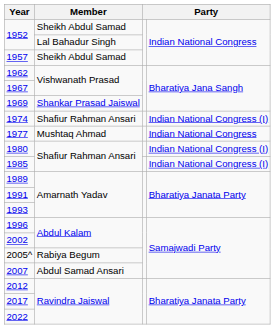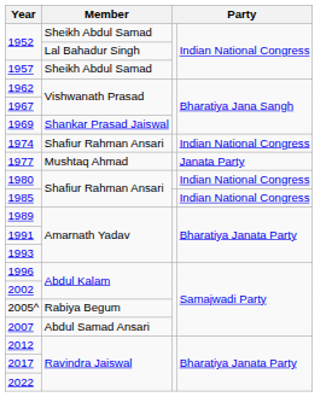 <table class="wikitable">
 <tr>
 <th>Year</th>
 <th>Member</th>
 <th colspan="2">Party</th>
 </tr>
 <tr>
 <td rowspan="2"><a href='#'>1952</a></td>
 <td>Sheikh Abdul Samad</td>
 <td rowspan="3" style="background-color: "></td>
 <td rowspan="3"><a href='#'>Indian National Congress</a></td>
 </tr>
 <tr>
 <td>Lal Bahadur Singh</td>
 </tr>
 <tr>
 <td><a href='#'>1957</a></td>
 <td>Sheikh Abdul Samad</td>
 </tr>
 <tr>
 <td><a href='#'>1962</a></td>
 <td rowspan="2">Vishwanath Prasad</td>
 <td rowspan="3" style="background-color: "></td>
 <td rowspan="3"><a href='#'>Bharatiya Jana Sangh</a></td>
 </tr>
 <tr>
 <td><a href='#'>1967</a></td>
 </tr>
 <tr>
 <td><a href='#'>1969</a></td>
 <td><a href='#'>Shankar Prasad Jaiswal</a></td>
 </tr>
 <tr>
 <td><a href='#'>1974</a></td>
 <td>Shafiur Rahman Ansari</td>
 <td style="background-color: "></td>
-<td><a href='#'>Indian National Congress (I)</a></td>
+<td><a href='#'>Indian National Congress</a></td>
 </tr>
 <tr>
 <td><a href='#'>1977</a></td>
 <td>Mushtaq Ahmad</td>
 <td style="background-color: "></td>
-<td><a href='#'>Indian National Congress</a></td>
+<td><a href='#'>Janata Party</a></td>
 </tr>
 <tr>
 <td><a href='#'>1980</a></td>
 <td rowspan="2">Shafiur Rahman Ansari</td>
 <td style="background-color: "></td>
-<td><a href='#'>Indian National Congress (I)</a></td>
+<td><a href='#'>Indian National Congress</a></td>
 </tr>
 <tr>
 <td><a href='#'>1985</a></td>
 <td style="background-color: "></td>
-<td><a href='#'>Indian National Congress (I)</a></td>
+<td><a href='#'>Indian National Congress</a></td>
 </tr>
 <tr>
 <td><a href='#'>1989</a></td>
 <td rowspan="3">Amarnath Yadav</td>
 <td rowspan="3" style="background-color: "></td>
 <td rowspan="3"><a href='#'>Bharatiya Janata Party</a></td>
 </tr>
 <tr>
 <td><a href='#'>1991</a></td>
 </tr>
 <tr>
 <td><a href='#'>1993</a></td>
 </tr>
 <tr>
 <td><a href='#'>1996</a></td>
 <td rowspan="2"><a href='#'>Abdul Kalam</a></td>
 <td rowspan="4" style="background-color: "></td>
 <td rowspan="4"><a href='#'>Samajwadi Party</a></td>
 </tr>
 <tr>
 <td><a href='#'>2002</a></td>
 </tr>
 <tr>
 <td>2005^</td>
 <td>Rabiya Begum</td>
 </tr>
 <tr>
 <td><a href='#'>2007</a></td>
 <td>Abdul Samad Ansari</td>
 </tr>
 <tr>
 <td><a href='#'>2012</a></td>
 <td rowspan="3"><a href='#'>Ravindra Jaiswal</a></td>
 <td rowspan="3" style="background-color: "></td>
 <td rowspan="3"><a href='#'>Bharatiya Janata Party</a></td>
 </tr>
 <tr>
 <td><a href='#'>2017</a></td>
 </tr>
 <tr>
 <td><a href='#'>2022</a></td>
 </tr>
 </table>
